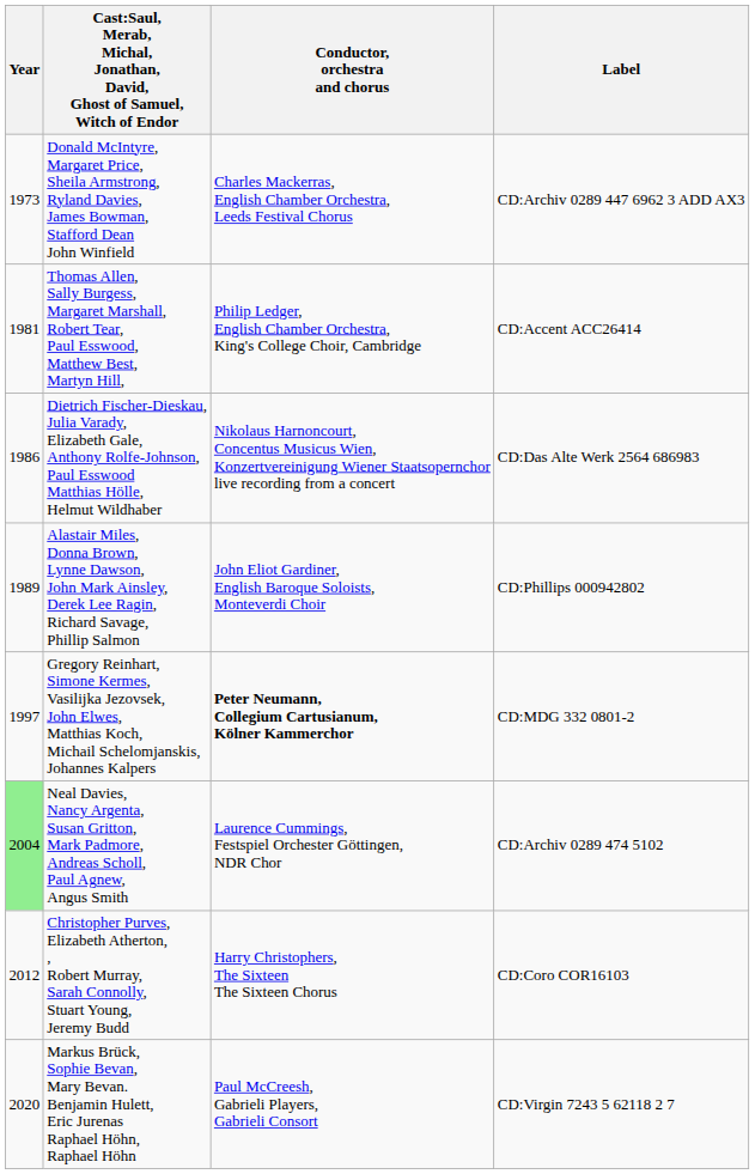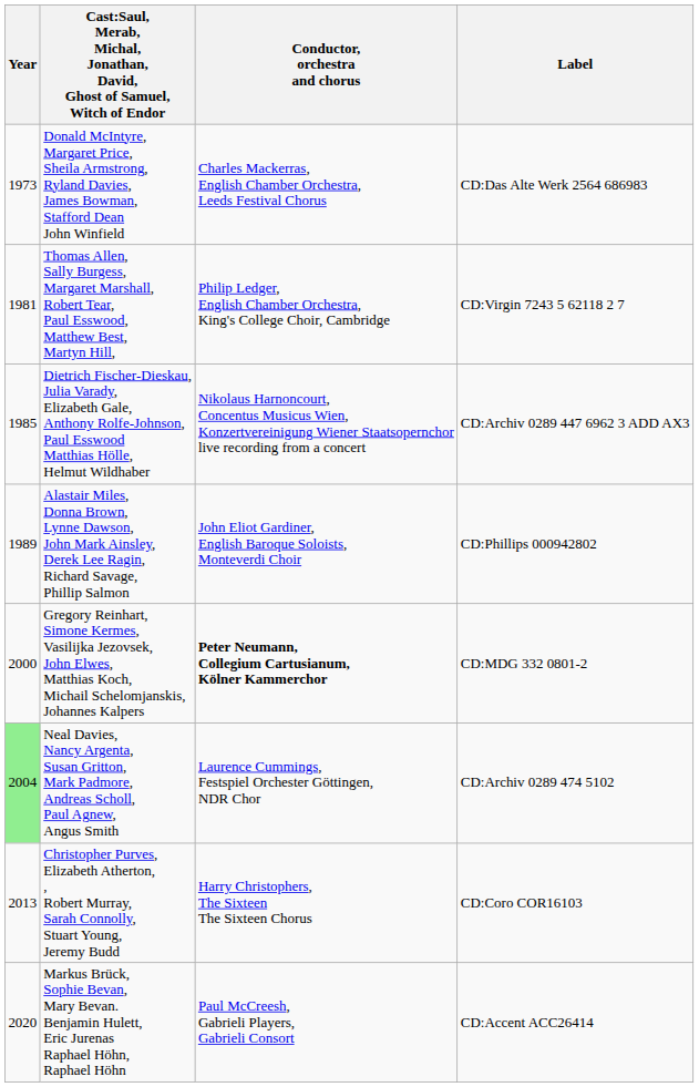 <table class="wikitable">
 <tr>
 <th>Year</th>
 <th>Cast:Saul,<br>Merab,<br>Michal,<br>Jonathan,<br>David,<br>Ghost of Samuel,<br>Witch of Endor<br></th>
 <th>Conductor,<br>orchestra<br>and chorus</th>
 <th>Label</th>
 </tr>
 <tr>
 <td>1973</td>
 <td><a href='#'>Donald McIntyre</a>,<br><a href='#'>Margaret Price</a>,<br><a href='#'>Sheila Armstrong</a>,<br><a href='#'>Ryland Davies</a>,<br><a href='#'>James Bowman</a>,<br><a href='#'>Stafford Dean</a><br>John Winfield<br></td>
 <td><a href='#'>Charles Mackerras</a>,<br><a href='#'>English Chamber Orchestra</a>,<br><a href='#'>Leeds Festival Chorus</a></td>
-<td>CD:Archiv 0289 447 6962 3 ADD AX3</td>
+<td>CD:Das Alte Werk 2564 686983</td>
 </tr>
 <tr>
 <td>1981</td>
 <td><a href='#'>Thomas Allen</a>,<br><a href='#'>Sally Burgess</a>,<br><a href='#'>Margaret Marshall</a>,<br><a href='#'>Robert Tear</a>,<br><a href='#'>Paul Esswood</a>,<br><a href='#'>Matthew Best</a>,<br><a href='#'>Martyn Hill</a>,<br></td>
 <td><a href='#'>Philip Ledger</a>,<br><a href='#'>English Chamber Orchestra</a>,<br>King's College Choir, Cambridge</td>
-<td>CD:Accent ACC26414</td>
+<td>CD:Virgin 7243 5 62118 2 7</td>
 </tr>
 <tr>
-<td>1986</td>
+<td>1985</td>
 <td><a href='#'>Dietrich Fischer-Dieskau</a>,<br><a href='#'>Julia Varady</a>,<br>Elizabeth Gale,<br><a href='#'>Anthony Rolfe-Johnson</a>,<br><a href='#'>Paul Esswood</a><br><a href='#'>Matthias Hölle</a>,<br>Helmut Wildhaber<br></td>
 <td><a href='#'>Nikolaus Harnoncourt</a>,<br><a href='#'>Concentus Musicus Wien</a>,<br><a href='#'>Konzertvereinigung Wiener Staatsopernchor</a><br>live recording from a concert</td>
-<td>CD:Das Alte Werk 2564 686983</td>
+<td>CD:Archiv 0289 447 6962 3 ADD AX3</td>
 </tr>
 <tr>
 <td>1989</td>
 <td><a href='#'>Alastair Miles</a>,<br><a href='#'>Donna Brown</a>,<br><a href='#'>Lynne Dawson</a>,<br><a href='#'>John Mark Ainsley</a>,<br><a href='#'>Derek Lee Ragin</a>,<br>Richard Savage,<br>Phillip Salmon<br></td>
 <td><a href='#'>John Eliot Gardiner</a>,<br><a href='#'>English Baroque Soloists</a>,<br><a href='#'>Monteverdi Choir</a></td>
 <td>CD:Phillips  000942802</td>
 </tr>
 <tr>
-<td>1997</td>
+<td>2000</td>
 <td>Gregory Reinhart,<br><a href='#'>Simone Kermes</a>,<br> Vasilijka Jezovsek,<br><a href='#'>John Elwes</a>,<br>Matthias Koch,<br>Michail Schelomjanskis,<br>Johannes Kalpers<br></td>
 <td><strong>Peter Neumann,<br> Collegium Cartusianum,<br>Kölner Kammerchor</strong></td>
 <td>CD:MDG 332 0801-2</td>
 </tr>
 <tr>
 <td style="background: lightgreen;">2004</td>
 <td>Neal Davies,<br><a href='#'>Nancy Argenta</a>,<br><a href='#'>Susan Gritton</a>,<br><a href='#'>Mark Padmore</a>,<br><a href='#'>Andreas Scholl</a>,<br><a href='#'>Paul Agnew</a>,<br>Angus Smith<br></td>
 <td><a href='#'>Laurence Cummings</a>,<br>Festspiel Orchester Göttingen,<br> NDR Chor</td>
 <td>CD:Archiv 0289 474 5102</td>
 </tr>
 <tr>
-<td>2012</td>
+<td>2013</td>
 <td><a href='#'>Christopher Purves</a>,<br>Elizabeth Atherton,<br>,<br>Robert Murray,<br><a href='#'>Sarah Connolly</a>,<br>Stuart Young,<br>Jeremy Budd<br></td>
 <td><a href='#'>Harry Christophers</a>,<br> <a href='#'>The Sixteen</a><br> The Sixteen Chorus</td>
 <td>CD:Coro COR16103</td>
 </tr>
 <tr>
 <td>2020</td>
 <td>Markus Brück,<br><a href='#'>Sophie Bevan</a>,<br>Mary Bevan.<br>Benjamin Hulett,<br>Eric Jurenas<br> Raphael Höhn,<br>Raphael Höhn</td>
 <td><a href='#'>Paul McCreesh</a>,<br>Gabrieli Players,<br><a href='#'>Gabrieli Consort</a></td>
-<td>CD:Virgin 7243 5 62118 2 7</td>
+<td>CD:Accent ACC26414</td>
 </tr>
 </table>
